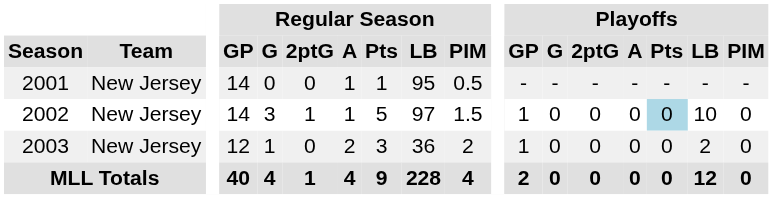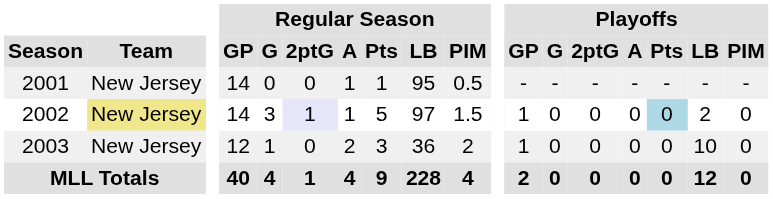 <table BORDER="0" CELLPADDING="3" CELLSPACING="0">
 <tr ALIGN="center" bgcolor="#e0e0e0">
 <th colspan="2" bgcolor="#ffffff"> </th>
 <th rowspan="99" bgcolor="#ffffff"> </th>
 <th colspan="7">Regular Season</th>
 <th rowspan="99" bgcolor="#ffffff"> </th>
 <th colspan="7">Playoffs</th>
 </tr>
 <tr ALIGN="center" bgcolor="#e0e0e0">
 <th>Season</th>
 <th>Team</th>
 <th>GP</th>
 <th>G</th>
 <th>2ptG</th>
 <th>A</th>
 <th>Pts</th>
 <th>LB</th>
 <th>PIM</th>
 <th>GP</th>
 <th>G</th>
 <th>2ptG</th>
 <th>A</th>
 <th>Pts</th>
 <th>LB</th>
 <th>PIM</th>
 </tr>
 <tr ALIGN="center" bgcolor="#f0f0f0">
 <td>2001</td>
 <td>New Jersey</td>
 <td>14</td>
 <td>0</td>
 <td>0</td>
 <td>1</td>
 <td>1</td>
 <td>95</td>
 <td>0.5</td>
 <td>-</td>
 <td>-</td>
 <td>-</td>
 <td>-</td>
 <td>-</td>
 <td>-</td>
 <td>-</td>
 </tr>
 <tr ALIGN="center">
 <td>2002</td>
-<td>New Jersey</td>
+<td style="background: khaki;">New Jersey</td>
 <td>14</td>
 <td>3</td>
-<td>1</td>
+<td style="background: lavender;">1</td>
 <td>1</td>
 <td>5</td>
 <td>97</td>
 <td>1.5</td>
 <td>1</td>
 <td>0</td>
 <td>0</td>
 <td>0</td>
 <td style="background: lightblue;">0</td>
-<td>10</td>
+<td>2</td>
 <td>0</td>
 </tr>
 <tr ALIGN="center" bgcolor="#f0f0f0">
 <td>2003</td>
 <td>New Jersey</td>
 <td>12</td>
 <td>1</td>
 <td>0</td>
 <td>2</td>
 <td>3</td>
 <td>36</td>
 <td>2</td>
 <td>1</td>
 <td>0</td>
 <td>0</td>
 <td>0</td>
 <td>0</td>
-<td>2</td>
+<td>10</td>
 <td>0</td>
 </tr>
 <tr ALIGN="center" bgcolor="#e0e0e0">
 <th colspan="2">MLL Totals</th>
 <th>40</th>
 <th>4</th>
 <th>1</th>
 <th>4</th>
 <th>9</th>
 <th>228</th>
 <th>4</th>
 <th>2</th>
 <th>0</th>
 <th>0</th>
 <th>0</th>
 <th>0</th>
 <th>12</th>
 <th>0</th>
 </tr>
 </table>
